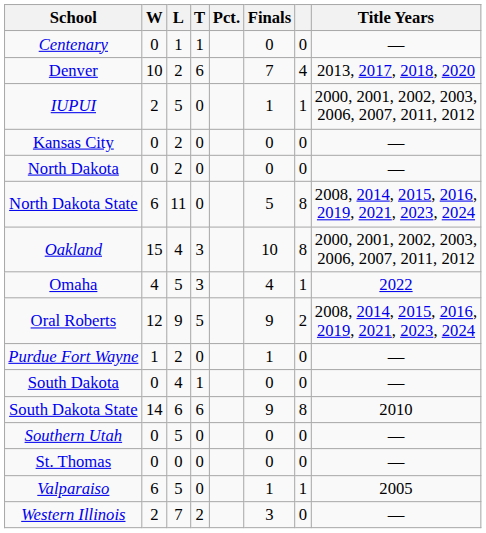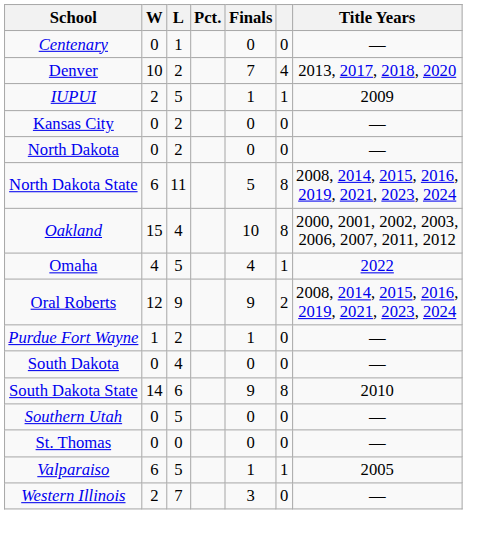 <table class="wikitable sortable" style="text-align:center">
 <tr>
 <th>School</th>
 <th>W</th>
 <th>L</th>
-<th>T</th>
 <th>Pct.</th>
 <th>Finals</th>
 <th></th>
 <th>Title Years</th>
 </tr>
 <tr>
 <td><em><a href='#'>Centenary</a></em></td>
 <td>0</td>
-<td>1</td>
 <td>1</td>
 <td></td>
 <td>0</td>
 <td>0</td>
 <td>—</td>
 </tr>
 <tr>
 <td><a href='#'>Denver</a></td>
 <td>10</td>
 <td>2</td>
-<td>6</td>
 <td></td>
 <td>7</td>
 <td>4</td>
 <td>2013, <a href='#'>2017</a>, <a href='#'>2018</a>, <a href='#'>2020</a></td>
 </tr>
 <tr>
 <td><em><a href='#'>IUPUI</a></em></td>
 <td>2</td>
 <td>5</td>
-<td>0</td>
 <td></td>
 <td>1</td>
 <td>1</td>
-<td>2000, 2001, 2002, 2003,<br>2006, 2007, 2011, 2012</td>
+<td>2009</td>
 </tr>
 <tr>
 <td><a href='#'>Kansas City</a></td>
 <td>0</td>
 <td>2</td>
-<td>0</td>
 <td></td>
 <td>0</td>
 <td>0</td>
 <td>—</td>
 </tr>
 <tr>
 <td><a href='#'>North Dakota</a></td>
 <td>0</td>
 <td>2</td>
-<td>0</td>
 <td></td>
 <td>0</td>
 <td>0</td>
 <td>—</td>
 </tr>
 <tr>
 <td><a href='#'>North Dakota State</a></td>
 <td>6</td>
 <td>11</td>
-<td>0</td>
 <td></td>
 <td>5</td>
 <td>8</td>
 <td>2008, <a href='#'>2014</a>, <a href='#'>2015</a>, <a href='#'>2016</a>,<br><a href='#'>2019</a>, <a href='#'>2021</a>, <a href='#'>2023</a>, <a href='#'>2024</a></td>
 </tr>
 <tr>
 <td><em><a href='#'>Oakland</a></em></td>
 <td>15</td>
 <td>4</td>
-<td>3</td>
 <td></td>
 <td>10</td>
 <td>8</td>
 <td>2000, 2001, 2002, 2003,<br>2006, 2007, 2011, 2012</td>
 </tr>
 <tr>
 <td><a href='#'>Omaha</a></td>
 <td>4</td>
 <td>5</td>
-<td>3</td>
 <td></td>
 <td>4</td>
 <td>1</td>
 <td><a href='#'>2022</a></td>
 </tr>
 <tr>
 <td><a href='#'>Oral Roberts</a></td>
 <td>12</td>
 <td>9</td>
-<td>5</td>
 <td></td>
 <td>9</td>
 <td>2</td>
 <td>2008, <a href='#'>2014</a>, <a href='#'>2015</a>, <a href='#'>2016</a>,<br><a href='#'>2019</a>, <a href='#'>2021</a>, <a href='#'>2023</a>, <a href='#'>2024</a></td>
 </tr>
 <tr>
 <td><em><a href='#'>Purdue Fort Wayne</a></em></td>
 <td>1</td>
 <td>2</td>
-<td>0</td>
 <td></td>
 <td>1</td>
 <td>0</td>
 <td>—</td>
 </tr>
 <tr>
 <td><a href='#'>South Dakota</a></td>
 <td>0</td>
 <td>4</td>
-<td>1</td>
 <td></td>
 <td>0</td>
 <td>0</td>
 <td>—</td>
 </tr>
 <tr>
 <td><a href='#'>South Dakota State</a></td>
 <td>14</td>
-<td>6</td>
 <td>6</td>
 <td></td>
 <td>9</td>
 <td>8</td>
 <td>2010</td>
 </tr>
 <tr>
 <td><em><a href='#'>Southern Utah</a></em></td>
 <td>0</td>
 <td>5</td>
-<td>0</td>
 <td></td>
 <td>0</td>
 <td>0</td>
 <td>—</td>
 </tr>
 <tr>
 <td><a href='#'>St. Thomas</a></td>
-<td>0</td>
 <td>0</td>
 <td>0</td>
 <td></td>
 <td>0</td>
 <td>0</td>
 <td>—</td>
 </tr>
 <tr>
 <td><em><a href='#'>Valparaiso</a></em></td>
 <td>6</td>
 <td>5</td>
-<td>0</td>
 <td></td>
 <td>1</td>
 <td>1</td>
 <td>2005</td>
 </tr>
 <tr>
 <td><em><a href='#'>Western Illinois</a></em></td>
 <td>2</td>
 <td>7</td>
-<td>2</td>
 <td></td>
 <td>3</td>
 <td>0</td>
 <td>—</td>
 </tr>
 </table>
